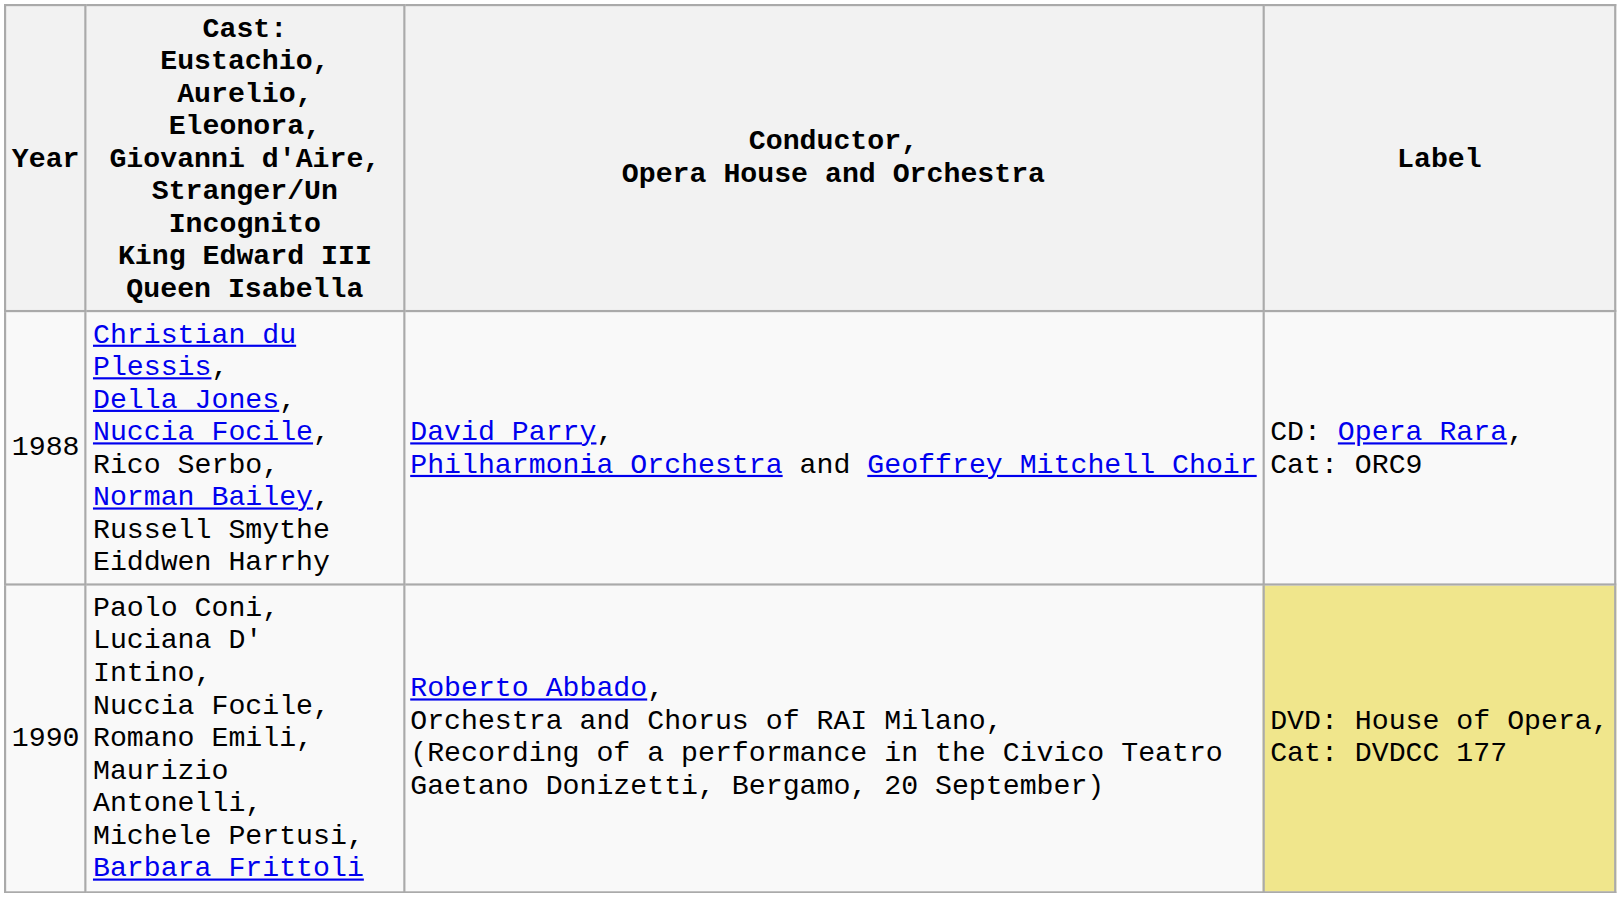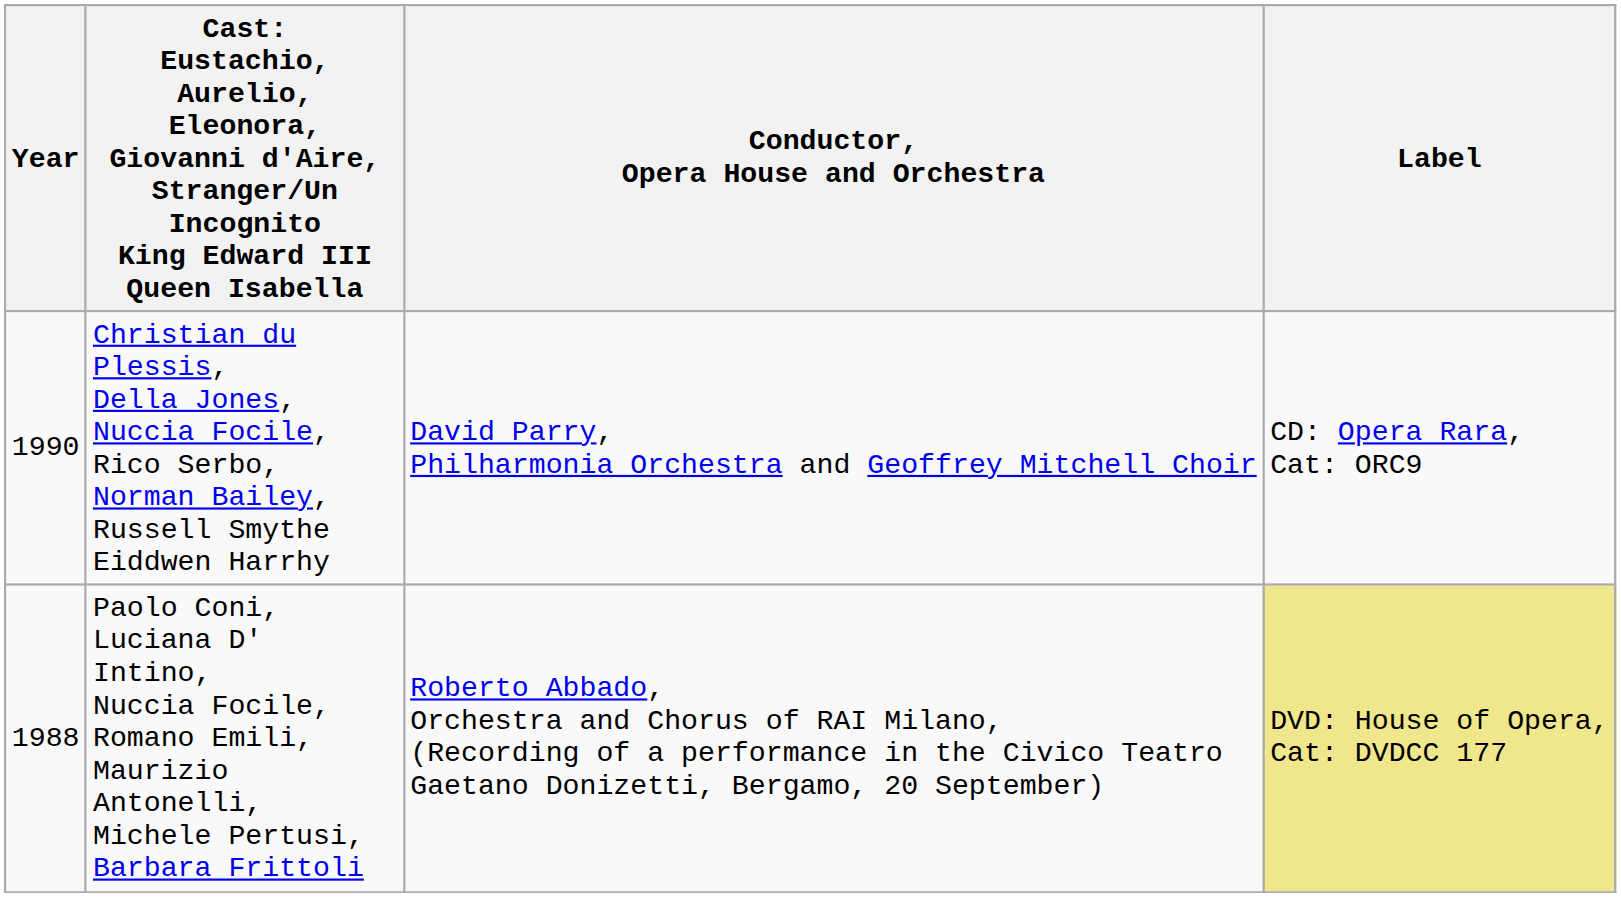 <table class="wikitable">
 <tr>
 <th>Year</th>
 <th width="140">Cast:<br>Eustachio,<br>Aurelio,<br>Eleonora,<br>Giovanni d'Aire,<br>Stranger/Un Incognito<br>King Edward III<br>Queen Isabella</th>
 <th>Conductor,<br>Opera House and Orchestra</th>
 <th>Label</th>
 </tr>
 <tr>
-<td>1988</td>
+<td>1990</td>
 <td><a href='#'>Christian du Plessis</a>,<br><a href='#'>Della Jones</a>,<br><a href='#'>Nuccia Focile</a>,<br>Rico Serbo,<br><a href='#'>Norman Bailey</a>,<br>Russell Smythe<br>Eiddwen Harrhy</td>
 <td><a href='#'>David Parry</a>,<br><a href='#'>Philharmonia Orchestra</a> and <a href='#'>Geoffrey Mitchell Choir</a></td>
 <td>CD: <a href='#'>Opera Rara</a>,<br>Cat: ORC9</td>
 </tr>
 <tr>
-<td>1990</td>
+<td>1988</td>
 <td>Paolo Coni,<br>Luciana D' Intino,<br>Nuccia Focile,<br>Romano Emili,<br>Maurizio Antonelli,<br>Michele Pertusi,<br><a href='#'>Barbara Frittoli</a></td>
 <td><a href='#'>Roberto Abbado</a>,<br>Orchestra and Chorus of RAI Milano,<br>(Recording of a performance in the Civico Teatro<br>Gaetano Donizetti, Bergamo, 20 September)</td>
 <td style="background: khaki;">DVD: House of Opera,<br>Cat: DVDCC 177</td>
 </tr>
 <tr>
 </tr>
 </table>
